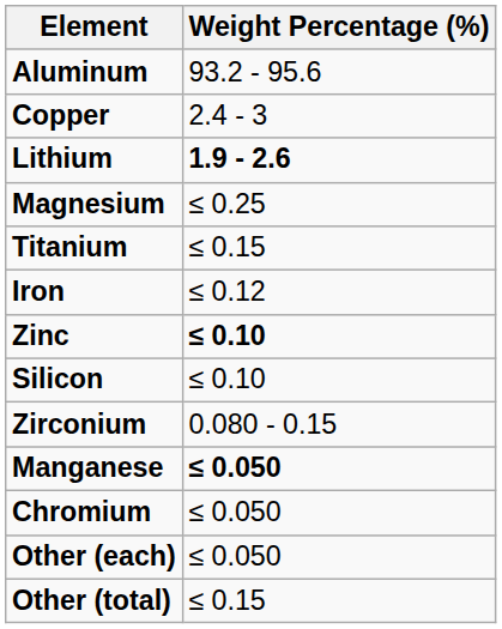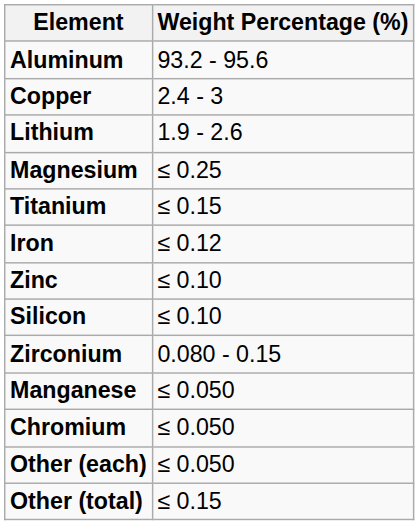 <table class="wikitable">
 <tr>
 <th>Element</th>
 <th>Weight Percentage (%)</th>
 </tr>
 <tr>
 <td><strong>Aluminum</strong></td>
 <td>93.2 - 95.6</td>
 </tr>
 <tr>
 <td><strong>Copper</strong></td>
 <td>2.4 - 3</td>
 </tr>
 <tr>
 <td><strong>Lithium</strong></td>
-<td><strong>1.9 - 2.6</strong></td>
+<td>1.9 - 2.6</td>
 </tr>
 <tr>
 <td><strong>Magnesium</strong></td>
 <td>≤ 0.25</td>
 </tr>
 <tr>
 <td><strong>Titanium</strong></td>
 <td>≤ 0.15</td>
 </tr>
 <tr>
 <td><strong>Iron</strong></td>
 <td>≤ 0.12</td>
 </tr>
 <tr>
 <td><strong>Zinc</strong></td>
-<td><strong>≤ 0.10</strong></td>
+<td>≤ 0.10</td>
 </tr>
 <tr>
 <td><strong>Silicon</strong></td>
 <td>≤ 0.10</td>
 </tr>
 <tr>
 <td><strong>Zirconium</strong></td>
 <td>0.080 - 0.15</td>
 </tr>
 <tr>
 <td><strong>Manganese</strong></td>
-<td><strong>≤ 0.050</strong></td>
+<td>≤ 0.050</td>
 </tr>
 <tr>
 <td><strong>Chromium</strong></td>
 <td>≤ 0.050</td>
 </tr>
 <tr>
 <td><strong>Other (each)</strong></td>
 <td>≤ 0.050</td>
 </tr>
 <tr>
 <td><strong>Other (total)</strong></td>
 <td>≤ 0.15</td>
 </tr>
 </table>
